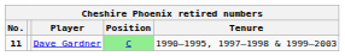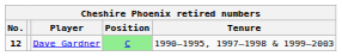 <table class="wikitable" style="text-align:center; font-size:100%;">
 <tr>
 <th colspan="5">Cheshire Phoenix retired numbers</th>
 </tr>
 <tr>
 <th>No.</th>
 <th></th>
 <th>Player</th>
 <th>Position</th>
 <th>Tenure</th>
 </tr>
 <tr>
-<td><strong>11</strong></td>
+<td><strong>12</strong></td>
 <td></td>
 <td><a href='#'>Dave Gardner</a></td>
 <td style="background: lightgreen;"><a href='#'>C</a></td>
 <td>1990–1995, 1997–1998 & 1999–2003</td>
 </tr>
 </table>
